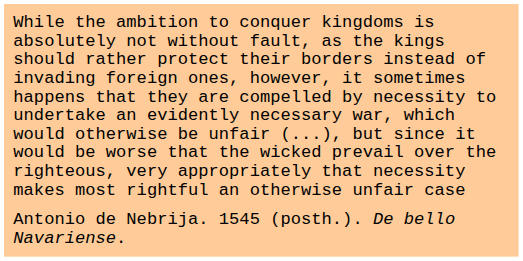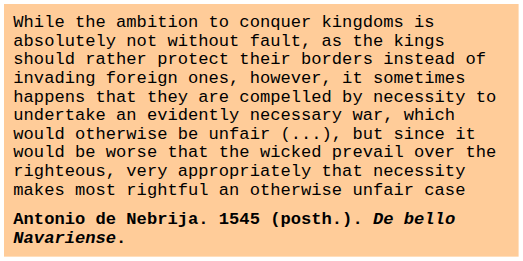 <table class="toccolours" style="float: left; margin-right: 0em; margin-right: 1em; font-size: 85%; background:#FFCC99; color:black; width:30em; max-width:40%" cellspacing="5">
 <tr>
 <td align="left">While the ambition to conquer kingdoms is absolutely not without fault, as the kings should rather protect their borders instead of invading foreign ones, however, it sometimes happens that they are compelled by necessity to undertake an evidently necessary war, which would otherwise be unfair (...), but since it would be worse that the wicked prevail over the righteous, very appropriately that necessity makes most rightful an otherwise unfair case</td>
 </tr>
 <tr>
-<td align="left">Antonio de Nebrija. 1545 (posth.). <em>De bello Navariense</em>.</td>
+<td align="left"><strong>Antonio de Nebrija. 1545 (posth.). <em>De bello Navariense</em>.</strong></td>
 </tr>
 </table>
